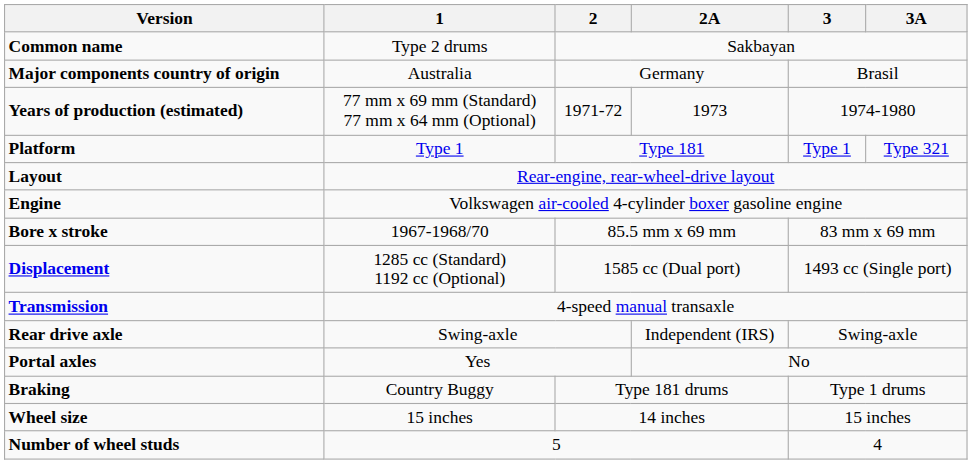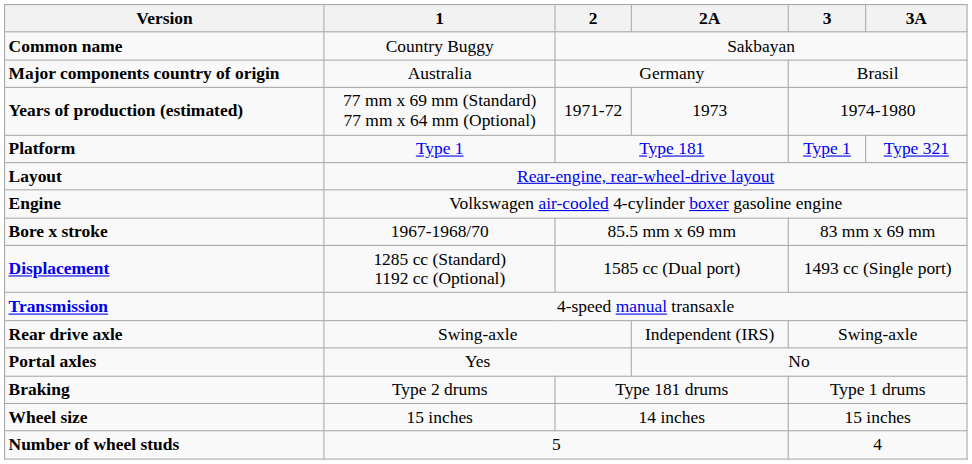 <table class="wikitable" style="width:100%; align:center; text-align:center">
 <tr>
 <th>Version</th>
 <th>1</th>
 <th>2</th>
 <th>2A</th>
 <th>3</th>
 <th>3A</th>
 </tr>
 <tr>
 <td align=left><strong>Common name</strong></td>
-<td>Type 2 drums</td>
+<td>Country Buggy</td>
 <td colspan="4">Sakbayan</td>
 </tr>
 <tr>
 <td align=left><strong>Major components country of origin</strong></td>
 <td>Australia</td>
 <td colspan="2">Germany</td>
 <td colspan="2">Brasil</td>
 </tr>
 <tr>
 <td align=left><strong>Years of production (estimated)</strong></td>
 <td>77 mm x 69 mm (Standard)<br>77 mm x 64 mm (Optional)</td>
 <td>1971-72</td>
 <td>1973</td>
 <td colspan="2">1974-1980</td>
 </tr>
 <tr>
 <td align=left><strong>Platform</strong></td>
 <td><a href='#'>Type 1</a></td>
 <td colspan="2"><a href='#'>Type 181</a></td>
 <td><a href='#'>Type 1</a></td>
 <td><a href='#'>Type 321</a></td>
 </tr>
 <tr>
 <td align=left><strong>Layout</strong></td>
 <td colspan="5"><a href='#'>Rear-engine, rear-wheel-drive layout</a></td>
 </tr>
 <tr>
 <td align=left><strong>Engine</strong></td>
 <td colspan="5">Volkswagen <a href='#'>air-cooled</a> 4-cylinder <a href='#'>boxer</a> gasoline engine</td>
 </tr>
 <tr>
 <td align=left><strong>Bore x stroke</strong></td>
 <td>1967-1968/70</td>
 <td colspan="2">85.5 mm x 69 mm</td>
 <td colspan="2">83 mm x 69 mm</td>
 </tr>
 <tr>
 <td align=left><strong><a href='#'>Displacement</a></strong></td>
 <td>1285 cc (Standard)<br>1192 cc (Optional)</td>
 <td colspan="2">1585 cc (Dual port)</td>
 <td colspan="2">1493 cc (Single port)</td>
 </tr>
 <tr>
 <td align=left><strong><a href='#'>Transmission</a></strong></td>
 <td colspan="5">4-speed <a href='#'>manual</a> transaxle</td>
 </tr>
 <tr>
 <td align=left><strong>Rear drive axle</strong></td>
 <td colspan="2">Swing-axle</td>
 <td>Independent (IRS)</td>
 <td colspan="2">Swing-axle</td>
 </tr>
 <tr>
 <td align=left><strong>Portal axles</strong></td>
 <td colspan="2">Yes</td>
 <td colspan="3">No</td>
 </tr>
 <tr>
 <td align=left><strong>Braking</strong></td>
-<td>Country Buggy</td>
+<td>Type 2 drums</td>
 <td colspan="2">Type 181 drums</td>
 <td colspan="2">Type 1 drums</td>
 </tr>
 <tr>
 <td align=left><strong>Wheel size</strong></td>
 <td>15 inches</td>
 <td colspan="2">14 inches</td>
 <td colspan="2">15 inches</td>
 </tr>
 <tr>
 <td align=left><strong>Number of wheel studs</strong></td>
 <td colspan="3">5</td>
 <td colspan="2">4</td>
 </tr>
 </table>
